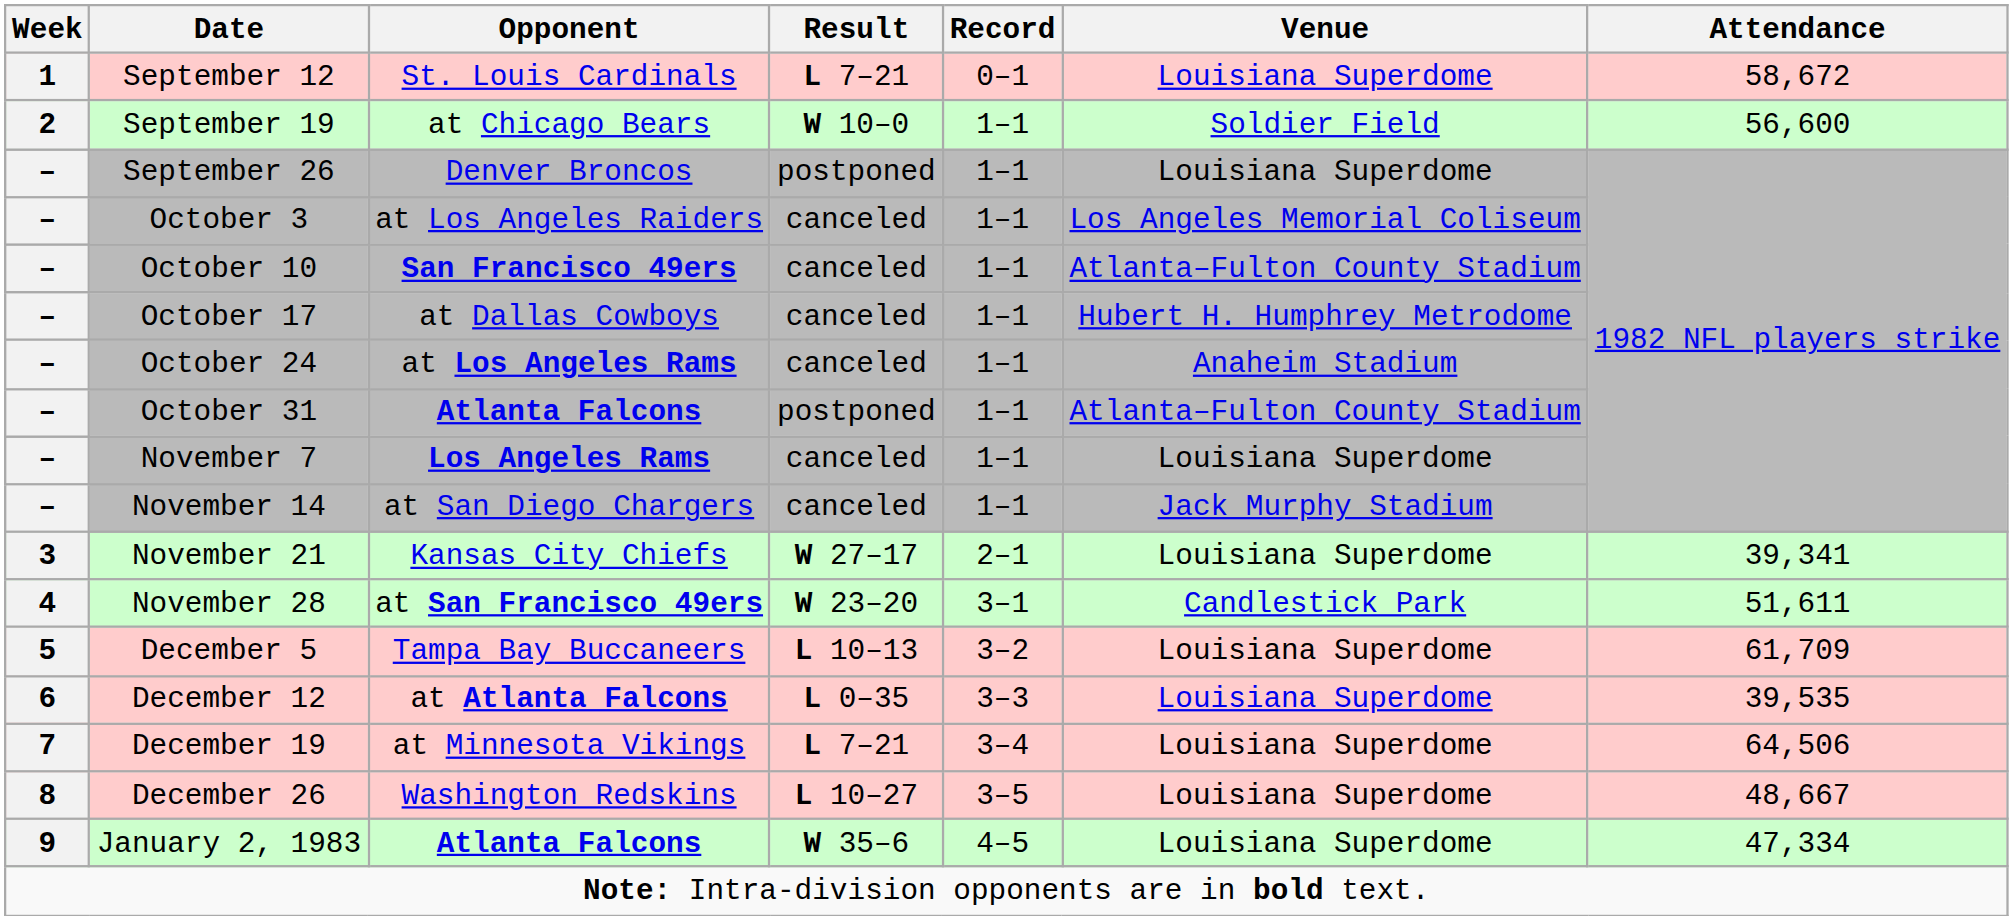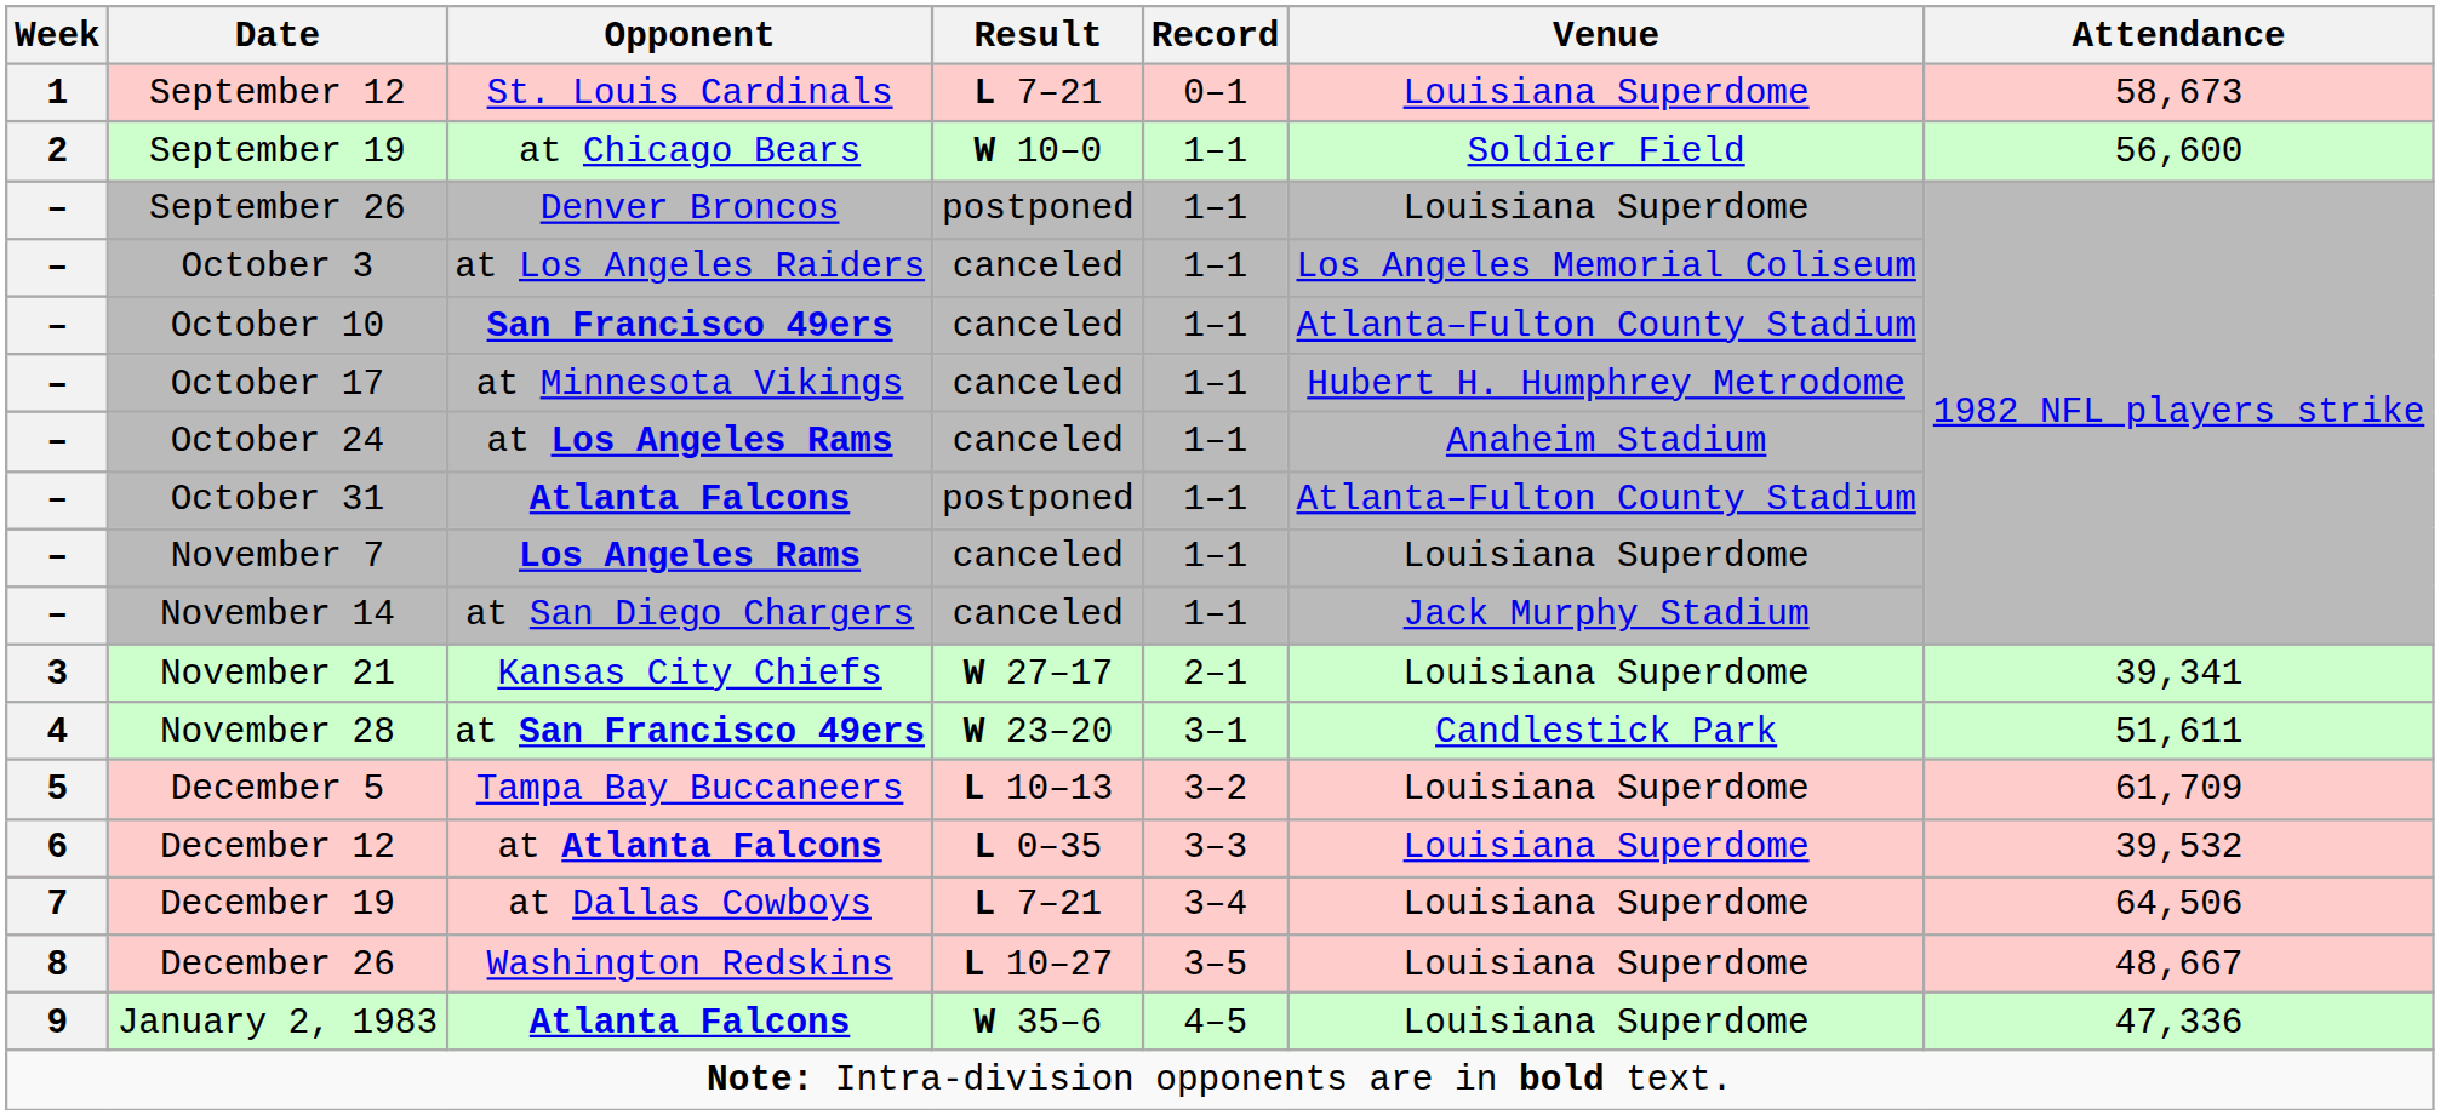 <table class="wikitable" style="text-align:center">
 <tr>
 <th>Week</th>
 <th>Date</th>
 <th>Opponent</th>
 <th>Result</th>
 <th>Record</th>
 <th>Venue</th>
 <th>Attendance</th>
 </tr>
 <tr style="background:#fcc">
 <th>1</th>
 <td>September 12</td>
 <td><a href='#'>St. Louis Cardinals</a></td>
 <td><strong>L</strong> 7–21</td>
 <td>0–1</td>
 <td><a href='#'>Louisiana Superdome</a></td>
-<td>58,672</td>
+<td>58,673</td>
 </tr>
 <tr style="background:#cfc">
 <th>2</th>
 <td>September 19</td>
 <td>at <a href='#'>Chicago Bears</a></td>
 <td><strong>W</strong> 10–0</td>
 <td>1–1</td>
 <td><a href='#'>Soldier Field</a></td>
 <td>56,600</td>
 </tr>
 <tr style="background:#bababa">
 <th>–</th>
 <td>September 26</td>
 <td><a href='#'>Denver Broncos</a></td>
 <td>postponed</td>
 <td>1–1</td>
 <td>Louisiana Superdome</td>
 <td rowspan="8" align="center"><a href='#'>1982 NFL players strike</a></td>
 </tr>
 <tr style="background:#bababa">
 <th>–</th>
 <td>October 3</td>
 <td>at <a href='#'>Los Angeles Raiders</a></td>
 <td>canceled</td>
 <td>1–1</td>
 <td><a href='#'>Los Angeles Memorial Coliseum</a></td>
 </tr>
 <tr style="background:#bababa">
 <th>–</th>
 <td>October 10</td>
 <td><strong><a href='#'>San Francisco 49ers</a></strong></td>
 <td>canceled</td>
 <td>1–1</td>
 <td><a href='#'>Atlanta–Fulton County Stadium</a></td>
 </tr>
 <tr style="background:#bababa">
 <th>–</th>
 <td>October 17</td>
-<td>at <a href='#'>Dallas Cowboys</a></td>
+<td>at <a href='#'>Minnesota Vikings</a></td>
 <td>canceled</td>
 <td>1–1</td>
 <td><a href='#'>Hubert H. Humphrey Metrodome</a></td>
 </tr>
 <tr style="background:#bababa">
 <th>–</th>
 <td>October 24</td>
 <td>at <strong><a href='#'>Los Angeles Rams</a></strong></td>
 <td>canceled</td>
 <td>1–1</td>
 <td><a href='#'>Anaheim Stadium</a></td>
 </tr>
 <tr style="background:#bababa">
 <th>–</th>
 <td>October 31</td>
 <td><strong><a href='#'>Atlanta Falcons</a></strong></td>
 <td>postponed</td>
 <td>1–1</td>
 <td><a href='#'>Atlanta–Fulton County Stadium</a></td>
 </tr>
 <tr style="background:#bababa">
 <th>–</th>
 <td>November 7</td>
 <td><strong><a href='#'>Los Angeles Rams</a></strong></td>
 <td>canceled</td>
 <td>1–1</td>
 <td>Louisiana Superdome</td>
 </tr>
 <tr style="background:#bababa">
 <th>–</th>
 <td>November 14</td>
 <td>at <a href='#'>San Diego Chargers</a></td>
 <td>canceled</td>
 <td>1–1</td>
 <td><a href='#'>Jack Murphy Stadium</a></td>
 </tr>
 <tr style="background:#cfc">
 <th>3</th>
 <td>November 21</td>
 <td><a href='#'>Kansas City Chiefs</a></td>
 <td><strong>W</strong> 27–17</td>
 <td>2–1</td>
 <td>Louisiana Superdome</td>
 <td>39,341</td>
 </tr>
 <tr style="background:#cfc">
 <th>4</th>
 <td>November 28</td>
 <td>at <strong><a href='#'>San Francisco 49ers</a></strong></td>
 <td><strong>W</strong> 23–20</td>
 <td>3–1</td>
 <td><a href='#'>Candlestick Park</a></td>
 <td>51,611</td>
 </tr>
 <tr style="background:#fcc">
 <th>5</th>
 <td>December 5</td>
 <td><a href='#'>Tampa Bay Buccaneers</a></td>
 <td><strong>L</strong> 10–13</td>
 <td>3–2</td>
 <td>Louisiana Superdome</td>
 <td>61,709</td>
 </tr>
 <tr style="background:#fcc">
 <th>6</th>
 <td>December 12</td>
 <td>at <strong><a href='#'>Atlanta Falcons</a></strong></td>
 <td><strong>L</strong> 0–35</td>
 <td>3–3</td>
 <td><a href='#'>Louisiana Superdome</a></td>
-<td>39,535</td>
+<td>39,532</td>
 </tr>
 <tr style="background:#fcc">
 <th>7</th>
 <td>December 19</td>
-<td>at <a href='#'>Minnesota Vikings</a></td>
+<td>at <a href='#'>Dallas Cowboys</a></td>
 <td><strong>L</strong> 7–21</td>
 <td>3–4</td>
 <td>Louisiana Superdome</td>
 <td>64,506</td>
 </tr>
 <tr style="background:#fcc">
 <th>8</th>
 <td>December 26</td>
 <td><a href='#'>Washington Redskins</a></td>
 <td><strong>L</strong> 10–27</td>
 <td>3–5</td>
 <td>Louisiana Superdome</td>
 <td>48,667</td>
 </tr>
 <tr style="background:#cfc">
 <th>9</th>
 <td>January 2, 1983</td>
 <td><strong><a href='#'>Atlanta Falcons</a></strong></td>
 <td><strong>W</strong> 35–6</td>
 <td>4–5</td>
 <td>Louisiana Superdome</td>
-<td>47,334</td>
+<td>47,336</td>
 </tr>
 <tr>
 <td colspan="7"><strong>Note:</strong> Intra-division opponents are in <strong>bold</strong> text.</td>
 </tr>
 </table>
